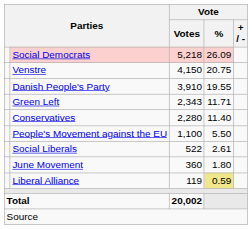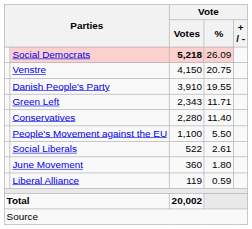 <table class="wikitable" style="text-align:right;">
 <tr>
 <th style="text-align:centre;" rowspan="2" colspan="2" width="225">Parties</th>
 <th colspan="3">Vote</th>
 </tr>
 <tr>
 <th width="15">Votes</th>
 <th width="15">%</th>
 <th width="15">+ / -</th>
 </tr>
 <tr>
 <td width="2" style="color:inherit;background:"></td>
 <td bgcolor=#fbd0ce   align="left"><a href='#'>Social Democrats</a></td>
-<td bgcolor=#fbd0ce>5,218</td>
+<td bgcolor=#fbd0ce><strong>5,218</strong></td>
 <td bgcolor=#fbd0ce>26.09</td>
 <td></td>
 </tr>
 <tr>
 <td width="2" style="color:inherit;background:"></td>
 <td align="left"><a href='#'>Venstre</a></td>
 <td>4,150</td>
 <td>20.75</td>
 <td></td>
 </tr>
 <tr>
 <td width="2" style="color:inherit;background:"></td>
 <td align="left"><a href='#'>Danish People's Party</a></td>
 <td>3,910</td>
 <td>19.55</td>
 <td></td>
 </tr>
 <tr>
 <td width="2" style="color:inherit;background:"></td>
 <td align="left"><a href='#'>Green Left</a></td>
 <td>2,343</td>
 <td>11.71</td>
 <td></td>
 </tr>
 <tr>
 <td width="2" style="color:inherit;background:"></td>
 <td align="left"><a href='#'>Conservatives</a></td>
 <td>2,280</td>
 <td>11.40</td>
 <td></td>
 </tr>
 <tr>
 <td width="2" style="color:inherit;background:"></td>
 <td align="left"><a href='#'>People's Movement against the EU</a></td>
 <td>1,100</td>
 <td>5.50</td>
 <td></td>
 </tr>
 <tr>
 <td width="2" style="color:inherit;background:"></td>
 <td align="left"><a href='#'>Social Liberals</a></td>
 <td>522</td>
 <td>2.61</td>
 <td></td>
 </tr>
 <tr>
 <td width="2" style="color:inherit;background:"></td>
 <td align="left"><a href='#'>June Movement</a></td>
 <td>360</td>
 <td>1.80</td>
 <td></td>
 </tr>
 <tr>
 <td width="2" style="color:inherit;background:"></td>
 <td align="left"><a href='#'>Liberal Alliance</a></td>
 <td>119</td>
-<td style="background: khaki;">0.59</td>
+<td>0.59</td>
 <td></td>
 </tr>
 <tr>
 <td colspan="7" bgcolor="#E9E9E9"></td>
 </tr>
 <tr>
 <td align="left" colspan="2"><strong>Total</strong></td>
 <td><strong>20,002</strong></td>
 <td bgcolor="#E9E9E9" colspan="2"></td>
 </tr>
 <tr>
 <td align="left" colspan="6">Source</td>
 </tr>
 </table>
